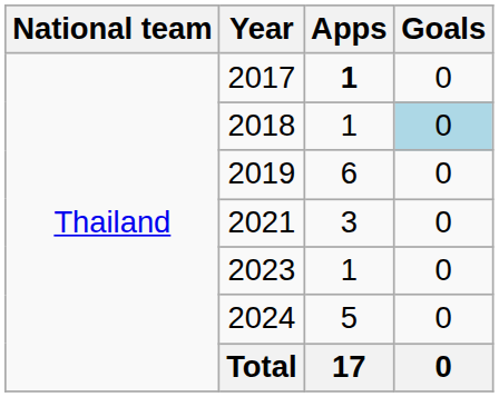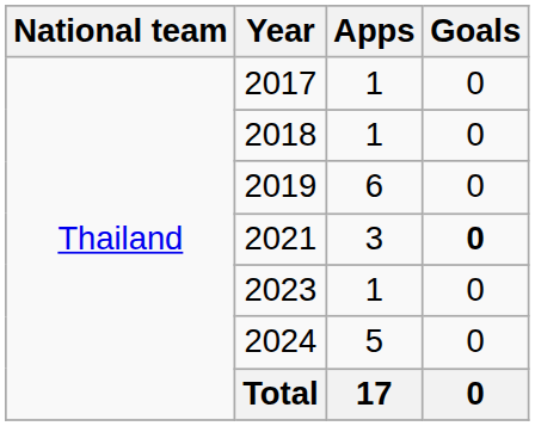 <table class="wikitable" style="text-align:center">
 <tr>
 <th>National team</th>
 <th>Year</th>
 <th>Apps</th>
 <th>Goals</th>
 </tr>
 <tr>
 <td rowspan="8" valign="center"><a href='#'>Thailand</a></td>
 <td>2017</td>
-<td><strong>1</strong></td>
+<td>1</td>
 <td>0</td>
 </tr>
 <tr>
 <td>2018</td>
 <td>1</td>
-<td style="background: lightblue;">0</td>
+<td>0</td>
 </tr>
 <tr>
 <td>2019</td>
 <td>6</td>
 <td>0</td>
 </tr>
 <tr>
 <td>2021</td>
 <td>3</td>
-<td>0</td>
+<td><strong>0</strong></td>
 </tr>
 <tr>
 <td>2023</td>
 <td>1</td>
 <td>0</td>
 </tr>
 <tr>
 <td>2024</td>
 <td>5</td>
 <td>0</td>
 </tr>
 <tr>
 <th>Total</th>
 <th>17</th>
 <th>0</th>
 </tr>
 </table>
